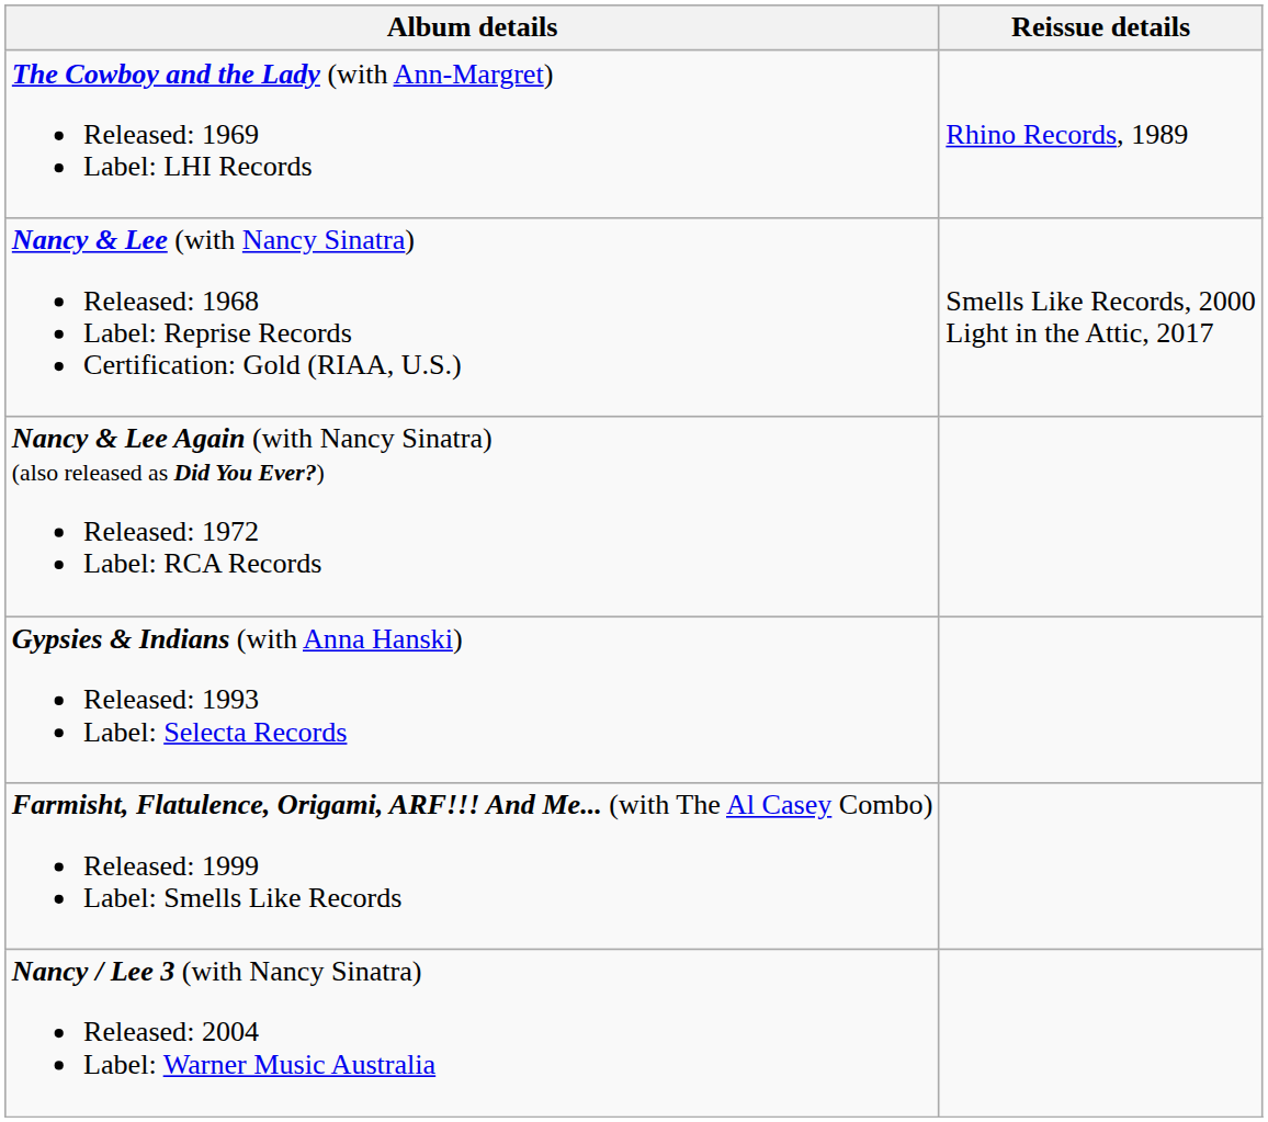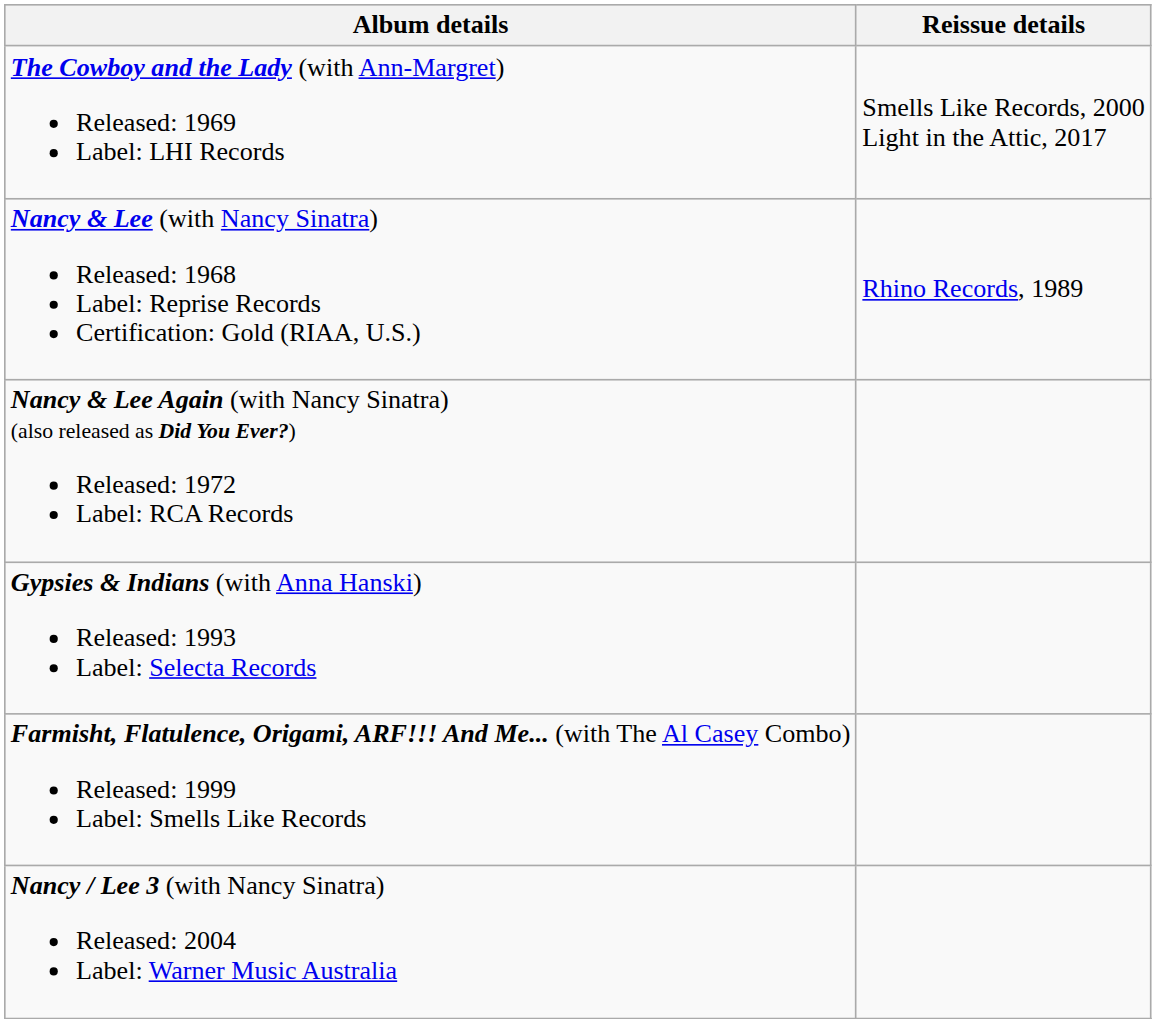 <table class=wikitable style=text-align:center;>
 <tr>
 <th>Album details</th>
 <th>Reissue details</th>
 </tr>
 <tr>
 <td align=left><strong><em><a href='#'>The Cowboy and the Lady</a></em></strong> (with <a href='#'>Ann-Margret</a>)<br><ul><li>Released: 1969</li><li>Label: LHI Records</li></ul></td>
-<td align=left><a href='#'>Rhino Records</a>, 1989</td>
+<td align=left>Smells Like Records, 2000<br>Light in the Attic, 2017</td>
 </tr>
 <tr>
 <td align=left><strong><em><a href='#'>Nancy & Lee</a></em></strong> (with <a href='#'>Nancy Sinatra</a>)<br><ul><li>Released: 1968</li><li>Label: Reprise Records</li><li>Certification: Gold (RIAA, U.S.)</li></ul></td>
-<td align=left>Smells Like Records, 2000<br>Light in the Attic, 2017</td>
+<td align=left><a href='#'>Rhino Records</a>, 1989</td>
 </tr>
 <tr>
 <td align=left><strong><em>Nancy & Lee Again</em></strong> (with Nancy Sinatra)<br><small>(also released as <strong><em>Did You Ever?</em></strong>)</small><br><ul><li>Released: 1972</li><li>Label: RCA Records</li></ul></td>
 <td></td>
 </tr>
 <tr>
 <td align=left><strong><em>Gypsies & Indians</em></strong> (with <a href='#'>Anna Hanski</a>)<br><ul><li>Released: 1993</li><li>Label: <a href='#'>Selecta Records</a></li></ul></td>
 <td></td>
 </tr>
 <tr>
 <td align=left><strong><em>Farmisht, Flatulence, Origami, ARF!!! And Me...</em></strong> (with The <a href='#'>Al Casey</a> Combo)<br><ul><li>Released: 1999</li><li>Label: Smells Like Records</li></ul></td>
 <td></td>
 </tr>
 <tr>
 <td align=left><strong><em>Nancy / Lee 3</em></strong> (with Nancy Sinatra)<br><ul><li>Released: 2004</li><li>Label: <a href='#'>Warner Music Australia</a></li></ul></td>
 <td></td>
 </tr>
 <tr>
 </tr>
 </table>
